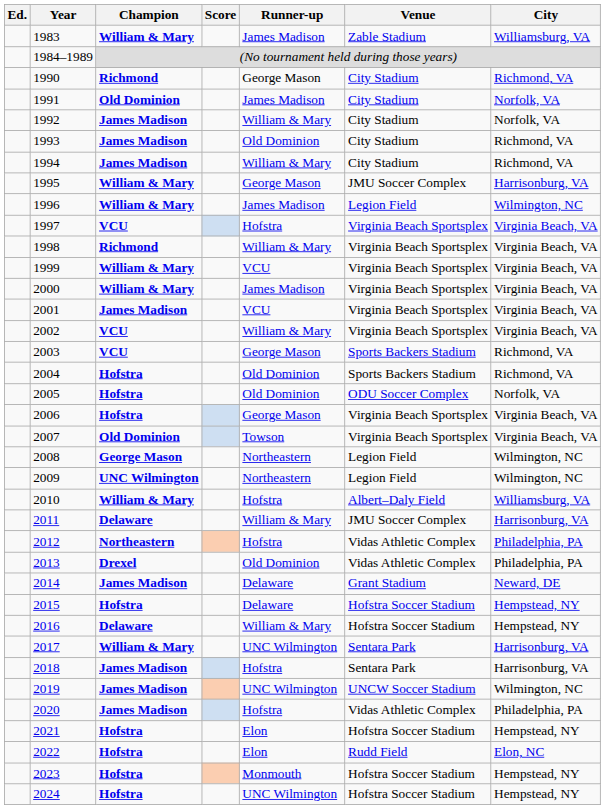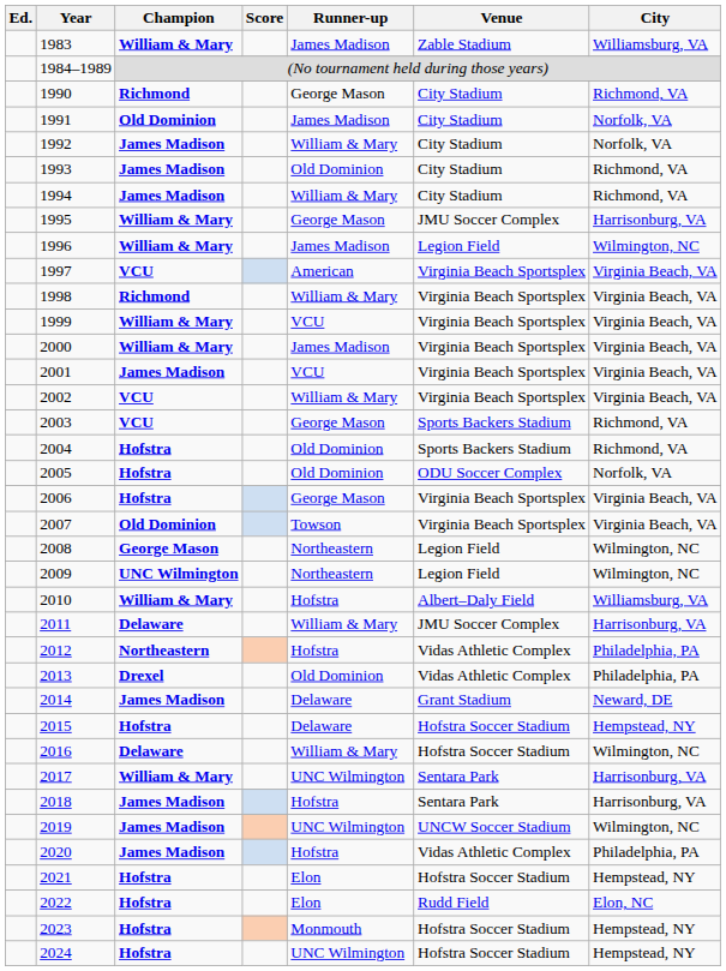 <table class="wikitable sortable">
 <tr>
 <th width=px>Ed.</th>
 <th width=px>Year</th>
 <th width=120px>Champion</th>
 <th width=px>Score</th>
 <th width=120px>Runner-up</th>
 <th width=px>Venue</th>
 <th width=px>City</th>
 </tr>
 <tr>
 <td></td>
 <td>1983</td>
 <td><strong><a href='#'>William & Mary</a></strong> </td>
 <td></td>
 <td><a href='#'>James Madison</a></td>
 <td><a href='#'>Zable Stadium</a></td>
 <td><a href='#'>Williamsburg, VA</a></td>
 </tr>
 <tr>
 <td></td>
 <td>1984–1989</td>
 <td colspan="5" align="center" bgcolor=#dddddd><em>(No tournament held during those years)</em></td>
 </tr>
 <tr>
 <td></td>
 <td>1990</td>
 <td><strong><a href='#'>Richmond</a></strong> </td>
 <td></td>
 <td>George Mason</td>
 <td><a href='#'>City Stadium</a></td>
 <td><a href='#'>Richmond, VA</a></td>
 </tr>
 <tr>
 <td></td>
 <td>1991</td>
 <td><strong><a href='#'>Old Dominion</a></strong> </td>
 <td></td>
 <td><a href='#'>James Madison</a></td>
 <td><a href='#'>City Stadium</a></td>
 <td><a href='#'>Norfolk, VA</a></td>
 </tr>
 <tr>
 <td></td>
 <td>1992</td>
 <td><strong><a href='#'>James Madison</a></strong> </td>
 <td></td>
 <td><a href='#'>William & Mary</a></td>
 <td>City Stadium</td>
 <td>Norfolk, VA</td>
 </tr>
 <tr>
 <td></td>
 <td>1993</td>
 <td><strong><a href='#'>James Madison</a></strong> </td>
 <td></td>
 <td><a href='#'>Old Dominion</a></td>
 <td>City Stadium</td>
 <td>Richmond, VA</td>
 </tr>
 <tr>
 <td></td>
 <td>1994</td>
 <td><strong><a href='#'>James Madison</a></strong> </td>
 <td></td>
 <td><a href='#'>William & Mary</a></td>
 <td>City Stadium</td>
 <td>Richmond, VA</td>
 </tr>
 <tr>
 <td></td>
 <td>1995</td>
 <td><strong><a href='#'>William & Mary</a></strong> </td>
 <td></td>
 <td><a href='#'>George Mason</a></td>
 <td>JMU Soccer Complex</td>
 <td><a href='#'>Harrisonburg, VA</a></td>
 </tr>
 <tr>
 <td></td>
 <td>1996</td>
 <td><strong><a href='#'>William & Mary</a></strong> </td>
 <td></td>
 <td><a href='#'>James Madison</a></td>
 <td><a href='#'>Legion Field</a></td>
 <td><a href='#'>Wilmington, NC</a></td>
 </tr>
 <tr>
 <td></td>
 <td>1997</td>
 <td><strong><a href='#'>VCU</a></strong> </td>
 <td bgcolor=#cedff2></td>
-<td><a href='#'>Hofstra</a></td>
+<td><a href='#'>American</a></td>
 <td><a href='#'>Virginia Beach Sportsplex</a></td>
 <td><a href='#'>Virginia Beach, VA</a></td>
 </tr>
 <tr>
 <td></td>
 <td>1998</td>
 <td><strong><a href='#'>Richmond</a></strong> </td>
 <td></td>
 <td><a href='#'>William & Mary</a></td>
 <td>Virginia Beach Sportsplex</td>
 <td>Virginia Beach, VA</td>
 </tr>
 <tr>
 <td></td>
 <td>1999</td>
 <td><strong><a href='#'>William & Mary</a></strong> </td>
 <td></td>
 <td><a href='#'>VCU</a></td>
 <td>Virginia Beach Sportsplex</td>
 <td>Virginia Beach, VA</td>
 </tr>
 <tr>
 <td></td>
 <td>2000</td>
 <td><strong><a href='#'>William & Mary</a></strong> </td>
 <td></td>
 <td><a href='#'>James Madison</a></td>
 <td>Virginia Beach Sportsplex</td>
 <td>Virginia Beach, VA</td>
 </tr>
 <tr>
 <td></td>
 <td>2001</td>
 <td><strong><a href='#'>James Madison</a></strong> </td>
 <td></td>
 <td><a href='#'>VCU</a></td>
 <td>Virginia Beach Sportsplex</td>
 <td>Virginia Beach, VA</td>
 </tr>
 <tr>
 <td></td>
 <td>2002</td>
 <td><strong><a href='#'>VCU</a></strong> </td>
 <td></td>
 <td><a href='#'>William & Mary</a></td>
 <td>Virginia Beach Sportsplex</td>
 <td>Virginia Beach, VA</td>
 </tr>
 <tr>
 <td></td>
 <td>2003</td>
 <td><strong><a href='#'>VCU</a></strong> </td>
 <td></td>
 <td><a href='#'>George Mason</a></td>
 <td><a href='#'>Sports Backers Stadium</a></td>
 <td>Richmond, VA</td>
 </tr>
 <tr>
 <td></td>
 <td>2004</td>
 <td><strong><a href='#'>Hofstra</a></strong> </td>
 <td></td>
 <td><a href='#'>Old Dominion</a></td>
 <td>Sports Backers Stadium</td>
 <td>Richmond, VA</td>
 </tr>
 <tr>
 <td></td>
 <td>2005</td>
 <td><strong><a href='#'>Hofstra</a></strong> </td>
 <td></td>
 <td><a href='#'>Old Dominion</a></td>
 <td><a href='#'>ODU Soccer Complex</a></td>
 <td>Norfolk, VA</td>
 </tr>
 <tr>
 <td></td>
 <td>2006</td>
 <td><strong><a href='#'>Hofstra</a></strong> </td>
 <td bgcolor=#cedff2></td>
 <td><a href='#'>George Mason</a></td>
 <td>Virginia Beach Sportsplex</td>
 <td>Virginia Beach, VA</td>
 </tr>
 <tr>
 <td></td>
 <td>2007</td>
 <td><strong><a href='#'>Old Dominion</a></strong> </td>
 <td bgcolor=#cedff2></td>
 <td><a href='#'>Towson</a></td>
 <td>Virginia Beach Sportsplex</td>
 <td>Virginia Beach, VA</td>
 </tr>
 <tr>
 <td></td>
 <td>2008</td>
 <td><strong><a href='#'>George Mason</a></strong> </td>
 <td></td>
 <td><a href='#'>Northeastern</a></td>
 <td>Legion Field</td>
 <td>Wilmington, NC</td>
 </tr>
 <tr>
 <td></td>
 <td>2009</td>
 <td><strong><a href='#'>UNC Wilmington</a></strong> </td>
 <td></td>
 <td><a href='#'>Northeastern</a></td>
 <td>Legion Field</td>
 <td>Wilmington, NC</td>
 </tr>
 <tr>
 <td></td>
 <td>2010</td>
 <td><strong><a href='#'>William & Mary</a></strong> </td>
 <td></td>
 <td><a href='#'>Hofstra</a></td>
 <td><a href='#'>Albert–Daly Field</a></td>
 <td><a href='#'>Williamsburg, VA</a></td>
 </tr>
 <tr>
 <td></td>
 <td><a href='#'>2011</a></td>
 <td><strong><a href='#'>Delaware</a></strong> </td>
 <td></td>
 <td><a href='#'>William & Mary</a></td>
 <td>JMU Soccer Complex</td>
 <td><a href='#'>Harrisonburg, VA</a></td>
 </tr>
 <tr>
 <td></td>
 <td><a href='#'>2012</a></td>
 <td><strong><a href='#'>Northeastern</a></strong> </td>
 <td bgcolor=#FBCEB1></td>
 <td><a href='#'>Hofstra</a></td>
 <td>Vidas Athletic Complex</td>
 <td><a href='#'>Philadelphia, PA</a></td>
 </tr>
 <tr>
 <td></td>
 <td><a href='#'>2013</a></td>
 <td><strong><a href='#'>Drexel</a></strong> </td>
 <td></td>
 <td><a href='#'>Old Dominion</a></td>
 <td>Vidas Athletic Complex</td>
 <td>Philadelphia, PA</td>
 </tr>
 <tr>
 <td></td>
 <td><a href='#'>2014</a></td>
 <td><strong><a href='#'>James Madison</a></strong> </td>
 <td></td>
 <td><a href='#'>Delaware</a></td>
 <td><a href='#'>Grant Stadium</a></td>
 <td><a href='#'>Neward, DE</a></td>
 </tr>
 <tr>
 <td></td>
 <td><a href='#'>2015</a></td>
 <td><strong><a href='#'>Hofstra</a></strong> </td>
 <td></td>
 <td><a href='#'>Delaware</a></td>
 <td><a href='#'>Hofstra Soccer Stadium</a></td>
 <td><a href='#'>Hempstead, NY</a></td>
 </tr>
 <tr>
 <td></td>
 <td><a href='#'>2016</a></td>
 <td><strong><a href='#'>Delaware</a></strong> </td>
 <td></td>
 <td><a href='#'>William & Mary</a></td>
 <td>Hofstra Soccer Stadium</td>
-<td>Hempstead, NY</td>
+<td>Wilmington, NC</td>
 </tr>
 <tr>
 <td></td>
 <td><a href='#'>2017</a></td>
 <td><strong><a href='#'>William & Mary</a></strong> </td>
 <td></td>
 <td><a href='#'>UNC Wilmington</a></td>
 <td><a href='#'>Sentara Park</a></td>
 <td><a href='#'>Harrisonburg, VA</a></td>
 </tr>
 <tr>
 <td></td>
 <td><a href='#'>2018</a></td>
 <td><strong><a href='#'>James Madison</a></strong> </td>
 <td bgcolor=#cedff2></td>
 <td><a href='#'>Hofstra</a></td>
 <td>Sentara Park</td>
 <td>Harrisonburg, VA</td>
 </tr>
 <tr>
 <td></td>
 <td><a href='#'>2019</a></td>
 <td><strong><a href='#'>James Madison</a></strong> </td>
 <td bgcolor=#FBCEB1></td>
 <td><a href='#'>UNC Wilmington</a></td>
 <td><a href='#'>UNCW Soccer Stadium</a></td>
 <td>Wilmington, NC</td>
 </tr>
 <tr>
 <td></td>
 <td><a href='#'>2020</a></td>
 <td><strong><a href='#'>James Madison</a></strong> </td>
 <td bgcolor=#cedff2></td>
 <td><a href='#'>Hofstra</a></td>
 <td>Vidas Athletic Complex</td>
 <td>Philadelphia, PA</td>
 </tr>
 <tr>
 <td></td>
 <td><a href='#'>2021</a></td>
 <td><strong><a href='#'>Hofstra</a></strong> </td>
 <td></td>
 <td><a href='#'>Elon</a></td>
 <td>Hofstra Soccer Stadium</td>
 <td>Hempstead, NY</td>
 </tr>
 <tr>
 <td></td>
 <td><a href='#'>2022</a></td>
 <td><strong><a href='#'>Hofstra</a></strong> </td>
 <td></td>
 <td><a href='#'>Elon</a></td>
 <td><a href='#'>Rudd Field</a></td>
 <td><a href='#'>Elon, NC</a></td>
 </tr>
 <tr>
 <td></td>
 <td><a href='#'>2023</a></td>
 <td><strong><a href='#'>Hofstra</a></strong> </td>
 <td bgcolor=#FBCEB1></td>
 <td><a href='#'>Monmouth</a></td>
 <td>Hofstra Soccer Stadium</td>
 <td>Hempstead, NY</td>
 </tr>
 <tr>
 <td></td>
 <td><a href='#'>2024</a></td>
 <td><strong><a href='#'>Hofstra</a></strong> </td>
 <td></td>
 <td><a href='#'>UNC Wilmington</a></td>
 <td>Hofstra Soccer Stadium</td>
 <td>Hempstead, NY</td>
 </tr>
 </table>
